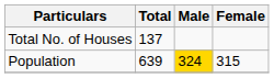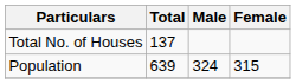 <table class="wikitable sortable">
 <tr>
 <th>Particulars</th>
 <th>Total</th>
 <th>Male</th>
 <th>Female</th>
 </tr>
 <tr>
 <td>Total No. of Houses</td>
 <td>137</td>
 <td></td>
 <td></td>
 </tr>
 <tr>
 <td>Population</td>
 <td>639</td>
-<td style="background: gold;">324</td>
+<td>324</td>
 <td>315</td>
 </tr>
 <tr>
 </tr>
 </table>
